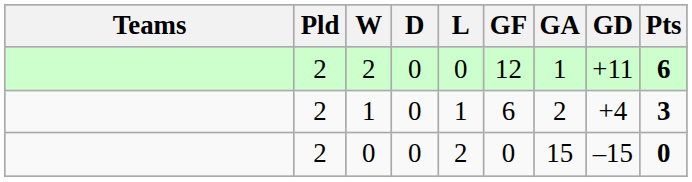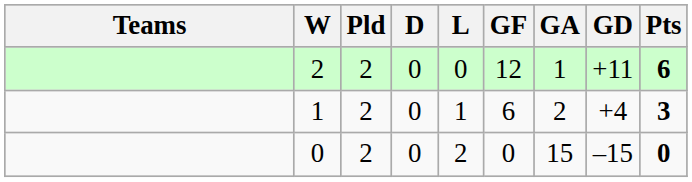 <table class="wikitable" style="text-align: center;">
 <tr>
 <th width=165>Teams</th>
+<th width=20>W</th>
 <th width=20>Pld</th>
-<th width=20>W</th>
 <th width=20>D</th>
 <th width=20>L</th>
 <th width=20>GF</th>
 <th width=20>GA</th>
 <th width=20>GD</th>
 <th width=20>Pts</th>
 </tr>
 <tr align=center style="background:#ccffcc;">
 <td style="text-align:left;"></td>
 <td>2</td>
 <td>2</td>
 <td>0</td>
 <td>0</td>
 <td>12</td>
 <td>1</td>
 <td>+11</td>
 <td><strong>6</strong></td>
 </tr>
 <tr align=center>
 <td style="text-align:left;"></td>
+<td>1</td>
 <td>2</td>
-<td>1</td>
 <td>0</td>
 <td>1</td>
 <td>6</td>
 <td>2</td>
 <td>+4</td>
 <td><strong>3</strong></td>
 </tr>
 <tr align=center>
 <td style="text-align:left;"></td>
+<td>0</td>
 <td>2</td>
-<td>0</td>
 <td>0</td>
 <td>2</td>
 <td>0</td>
 <td>15</td>
 <td>–15</td>
 <td><strong>0</strong></td>
 </tr>
 </table>
